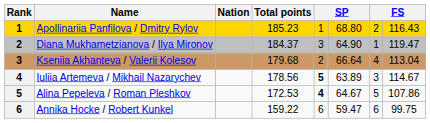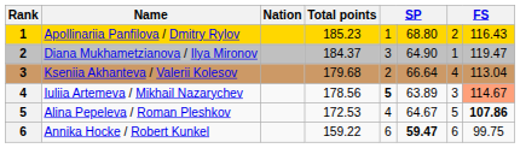 <table class="wikitable sortable">
 <tr>
 <th>Rank</th>
 <th>Name</th>
 <th>Nation</th>
 <th>Total points</th>
 <th width="80" colspan="2"><a href='#'>SP</a></th>
 <th width="80" colspan="2"><a href='#'>FS</a></th>
 </tr>
 <tr bgcolor="gold">
 <td align="center"><strong>1</strong></td>
 <td><a href='#'>Apollinariia Panfilova</a> / <a href='#'>Dmitry Rylov</a></td>
 <td></td>
 <td align="center">185.23</td>
 <td align="center">1</td>
 <td align="center">68.80</td>
 <td align="center">2</td>
 <td align="center">116.43</td>
 </tr>
 <tr bgcolor="silver">
 <td align="center"><strong>2</strong></td>
 <td><a href='#'>Diana Mukhametzianova</a> / <a href='#'>Ilya Mironov</a></td>
 <td></td>
 <td align="center">184.37</td>
 <td align="center">3</td>
 <td align="center">64.90</td>
 <td align="center">1</td>
 <td align="center">119.47</td>
 </tr>
 <tr bgcolor="#cc9966">
 <td align="center"><strong>3</strong></td>
 <td><a href='#'>Kseniia Akhanteva</a> / <a href='#'>Valerii Kolesov</a></td>
 <td></td>
 <td align="center">179.68</td>
 <td align="center">2</td>
 <td align="center">66.64</td>
 <td align="center">4</td>
 <td align="center">113.04</td>
 </tr>
 <tr>
 <th>4</th>
 <td><a href='#'>Iuliia Artemeva</a> / <a href='#'>Mikhail Nazarychev</a></td>
 <td></td>
 <td align="center">178.56</td>
 <td align="center"><strong>5</strong></td>
 <td align="center">63.89</td>
 <td align="center">3</td>
-<td align="center">114.67</td>
+<td align="center" style="background: lightsalmon;">114.67</td>
 </tr>
 <tr>
 <th>5</th>
 <td><a href='#'>Alina Pepeleva</a> / <a href='#'>Roman Pleshkov</a></td>
 <td></td>
 <td align="center">172.53</td>
-<td align="center"><strong>4</strong></td>
+<td align="center">4</td>
 <td align="center">64.67</td>
 <td align="center">5</td>
-<td align="center">107.86</td>
+<td align="center"><strong>107.86</strong></td>
 </tr>
 <tr>
 <th>6</th>
 <td><a href='#'>Annika Hocke</a> / <a href='#'>Robert Kunkel</a></td>
 <td></td>
 <td align="center">159.22</td>
 <td align="center">6</td>
-<td align="center">59.47</td>
+<td align="center"><strong>59.47</strong></td>
 <td align="center">6</td>
 <td align="center">99.75</td>
 </tr>
 </table>
